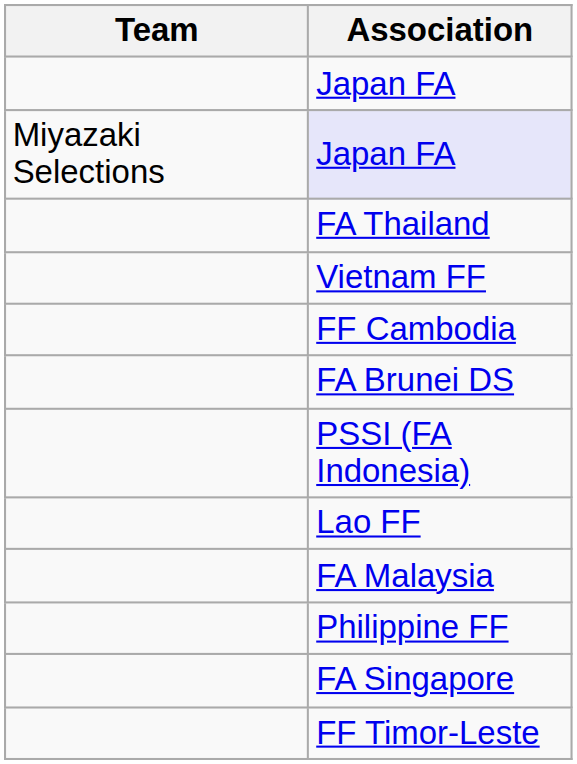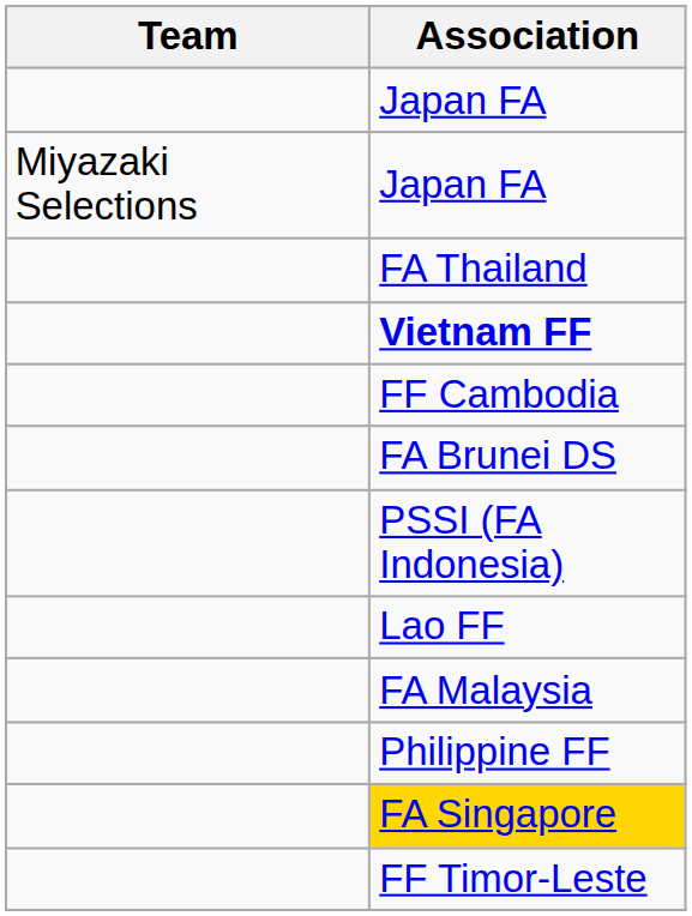 <table class="wikitable sortable">
 <tr>
 <th style="width:140px;">Team</th>
 <th style="width:120px;">Association</th>
 </tr>
 <tr>
 <td></td>
 <td><a href='#'>Japan FA</a></td>
 </tr>
 <tr>
 <td> Miyazaki Selections</td>
-<td style="background: lavender;"><a href='#'>Japan FA</a></td>
+<td><a href='#'>Japan FA</a></td>
 </tr>
 <tr>
 <td></td>
 <td><a href='#'>FA Thailand</a></td>
 </tr>
 <tr>
 <td></td>
-<td><a href='#'>Vietnam FF</a></td>
+<td><strong><a href='#'>Vietnam FF</a></strong></td>
 </tr>
 <tr>
 <td></td>
 <td><a href='#'>FF Cambodia</a></td>
 </tr>
 <tr>
 <td></td>
 <td><a href='#'>FA Brunei DS</a></td>
 </tr>
 <tr>
 <td></td>
 <td><a href='#'>PSSI (FA Indonesia)</a></td>
 </tr>
 <tr>
 <td></td>
 <td><a href='#'>Lao FF</a></td>
 </tr>
 <tr>
 <td></td>
 <td><a href='#'>FA Malaysia</a></td>
 </tr>
 <tr>
 <td></td>
 <td><a href='#'>Philippine FF</a></td>
 </tr>
 <tr>
 <td></td>
-<td><a href='#'>FA Singapore</a></td>
+<td style="background: gold;"><a href='#'>FA Singapore</a></td>
 </tr>
 <tr>
 <td></td>
 <td><a href='#'>FF Timor-Leste</a></td>
 </tr>
 </table>
